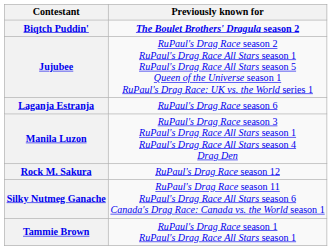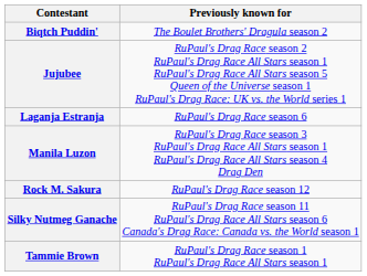 <table class="wikitable sortable" style="text-align:center">
 <tr>
 <th scope="col">Contestant</th>
 <th>Previously known for</th>
 </tr>
 <tr>
 <th><a href='#'>Biqtch Puddin'</a></th>
-<td><strong><a href='#'><em>The Boulet Brothers' Dragula</em> season 2</a></strong></td>
+<td><a href='#'><em>The Boulet Brothers' Dragula</em> season 2</a></td>
 </tr>
 <tr>
 <th><a href='#'>Jujubee</a></th>
 <td><a href='#'><em>RuPaul's Drag Race</em> season 2</a><br><a href='#'><em>RuPaul's Drag Race All Stars</em> season 1</a><br><a href='#'><em>RuPaul's Drag Race All Stars</em> season 5</a><br><a href='#'><em>Queen of the Universe</em> season 1</a><br><a href='#'><em>RuPaul's Drag Race: UK vs. the World</em> series 1</a></td>
 </tr>
 <tr>
 <th><a href='#'>Laganja Estranja</a></th>
 <td><a href='#'><em>RuPaul's Drag Race</em> season 6</a></td>
 </tr>
 <tr>
 <th><a href='#'>Manila Luzon</a></th>
 <td><a href='#'><em>RuPaul's Drag Race</em> season 3</a><br><a href='#'><em>RuPaul's Drag Race All Stars</em> season 1</a><br><a href='#'><em>RuPaul's Drag Race All Stars</em> season 4</a><br><a href='#'><em>Drag Den</em></a></td>
 </tr>
 <tr>
 <th><a href='#'>Rock M. Sakura</a></th>
 <td><a href='#'><em>RuPaul's Drag Race</em> season 12</a></td>
 </tr>
 <tr>
 <th><a href='#'>Silky Nutmeg Ganache</a></th>
 <td><a href='#'><em>RuPaul's Drag Race</em> season 11</a><br><a href='#'><em>RuPaul's Drag Race All Stars</em> season 6</a><br><a href='#'><em>Canada's Drag Race: Canada vs. the World</em> season 1</a></td>
 </tr>
 <tr>
 <th><a href='#'>Tammie Brown</a></th>
 <td><a href='#'><em>RuPaul's Drag Race</em> season 1</a><br><a href='#'><em>RuPaul's Drag Race All Stars</em> season 1</a></td>
 </tr>
 </table>
